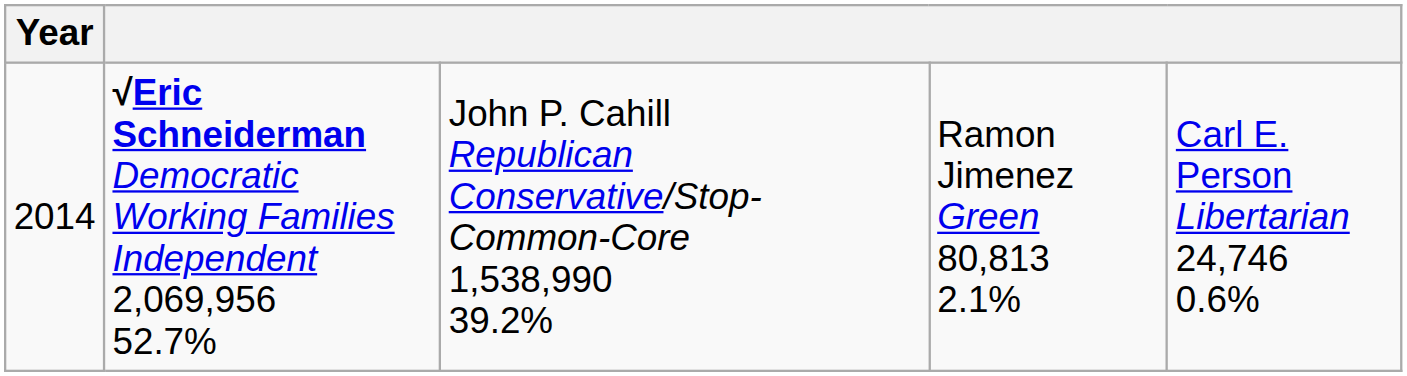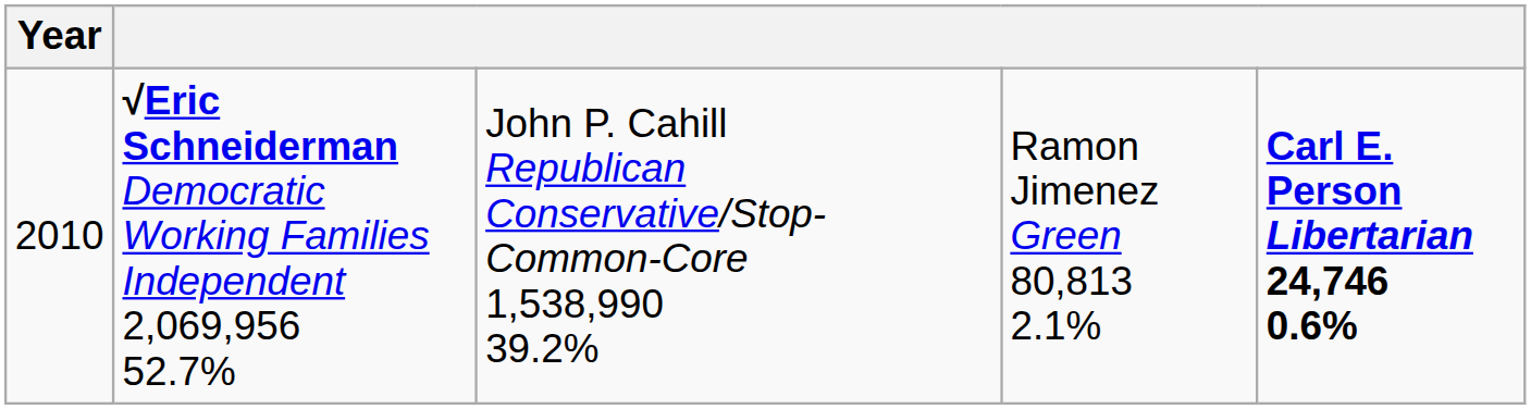 <table class="wikitable">
 <tr>
 <th>Year</th>
 <th colspan="4"></th>
 </tr>
 <tr>
-<td>2014</td>
+<td>2010</td>
 <td><strong>√<a href='#'>Eric Schneiderman</a></strong><br><em><a href='#'>Democratic</a><br><a href='#'>Working Families</a><br><a href='#'>Independent</a></em><br>2,069,956<br>52.7%</td>
 <td>John P. Cahill<br><em><a href='#'>Republican</a></em><br><em><a href='#'>Conservative</a>/Stop-Common-Core</em><br>1,538,990<br>39.2%</td>
 <td>Ramon Jimenez<br><em><a href='#'>Green</a></em><br>80,813<br>2.1%</td>
-<td><a href='#'>Carl E. Person</a><br><em><a href='#'>Libertarian</a></em><br>24,746<br>0.6%</td>
+<td><strong><a href='#'>Carl E. Person</a><br><em><a href='#'>Libertarian</a></em><br>24,746<br>0.6%</strong></td>
 </tr>
 </table>
